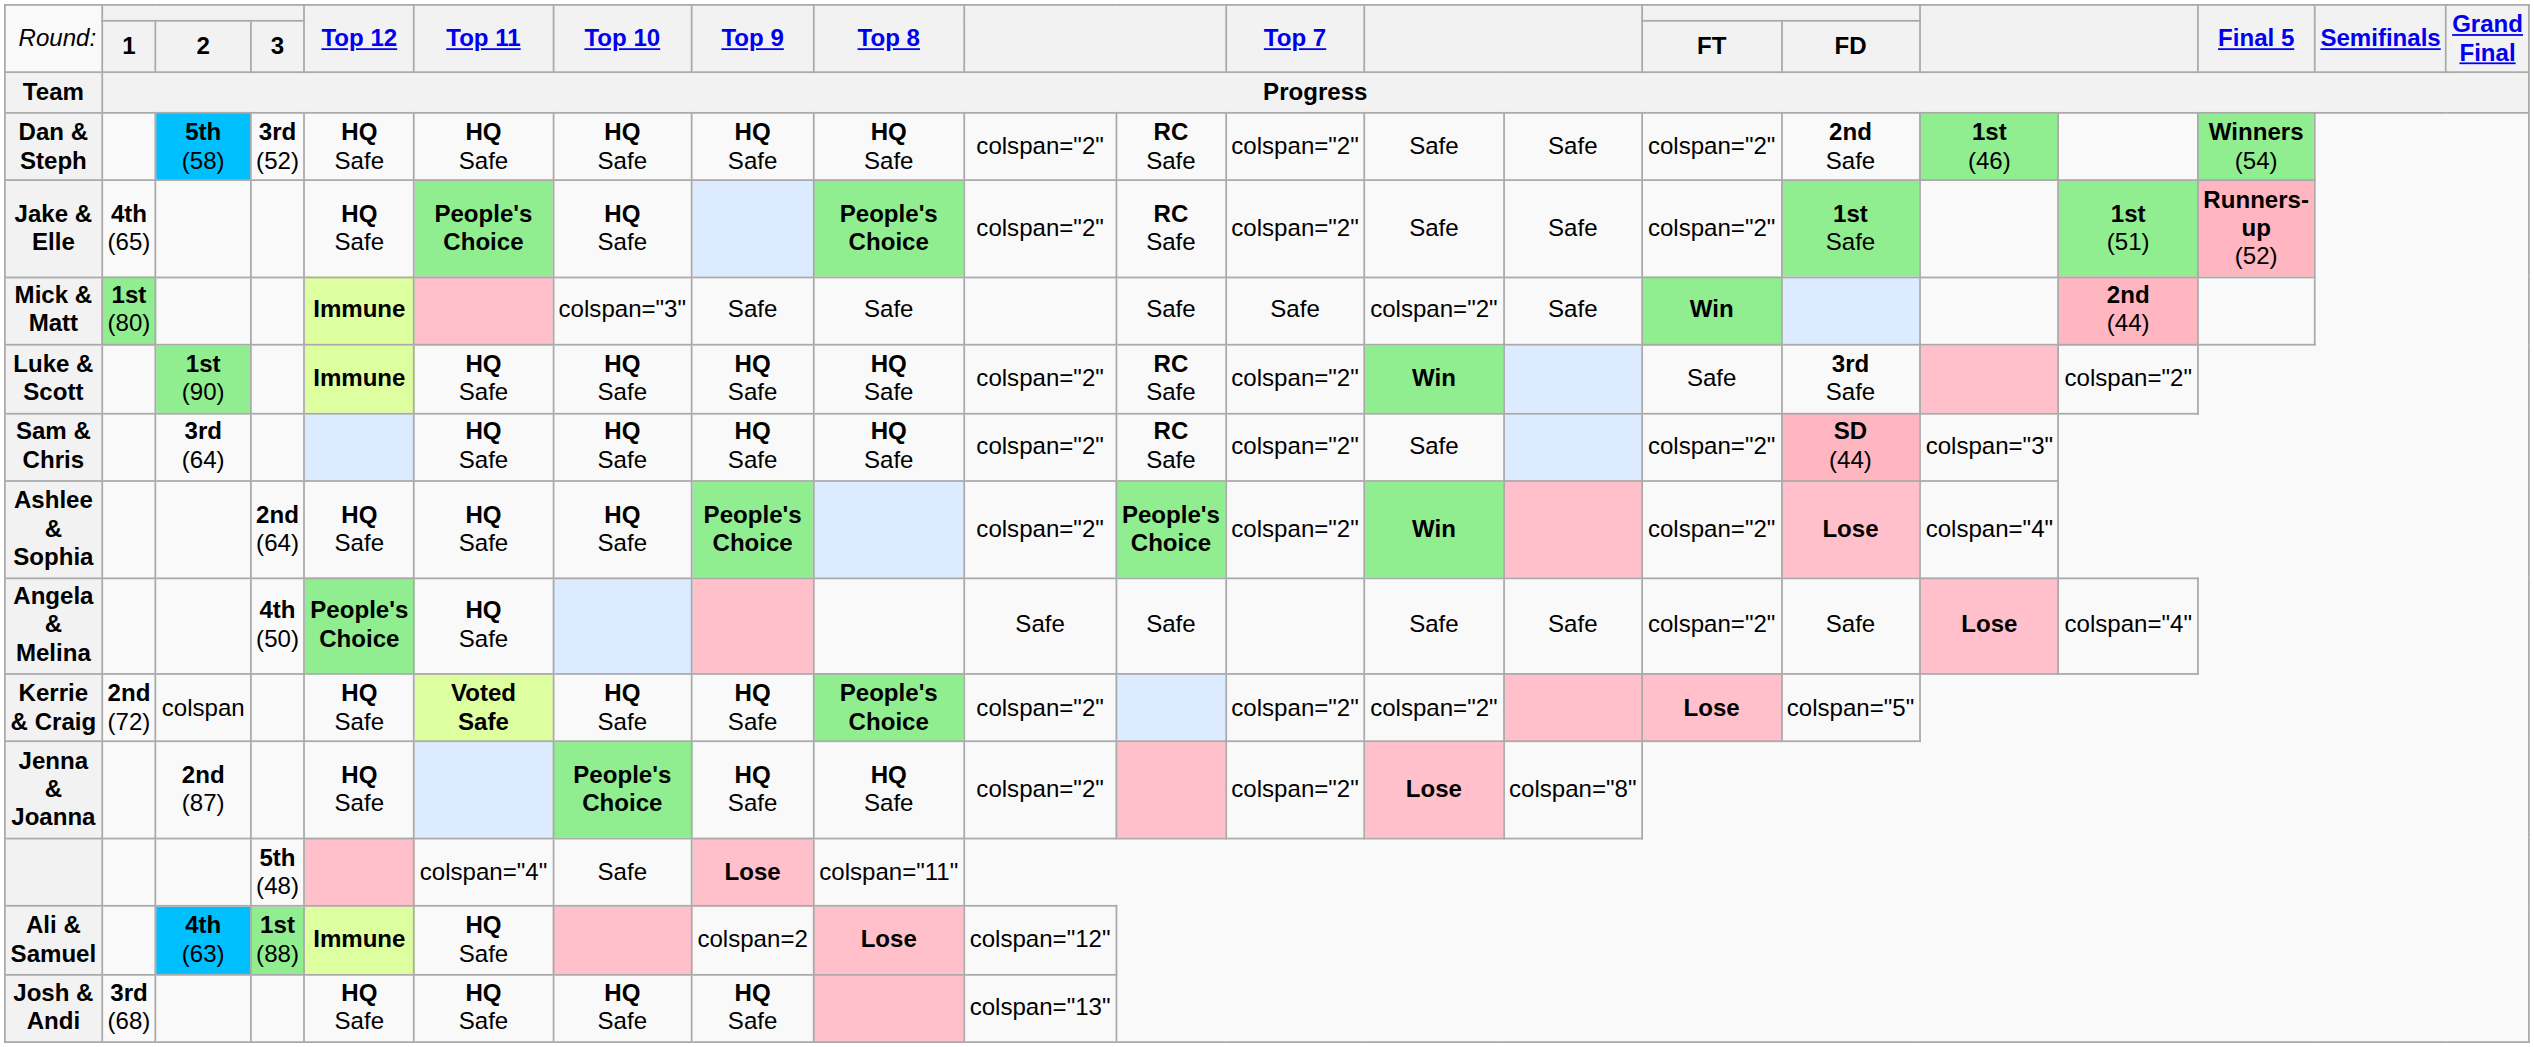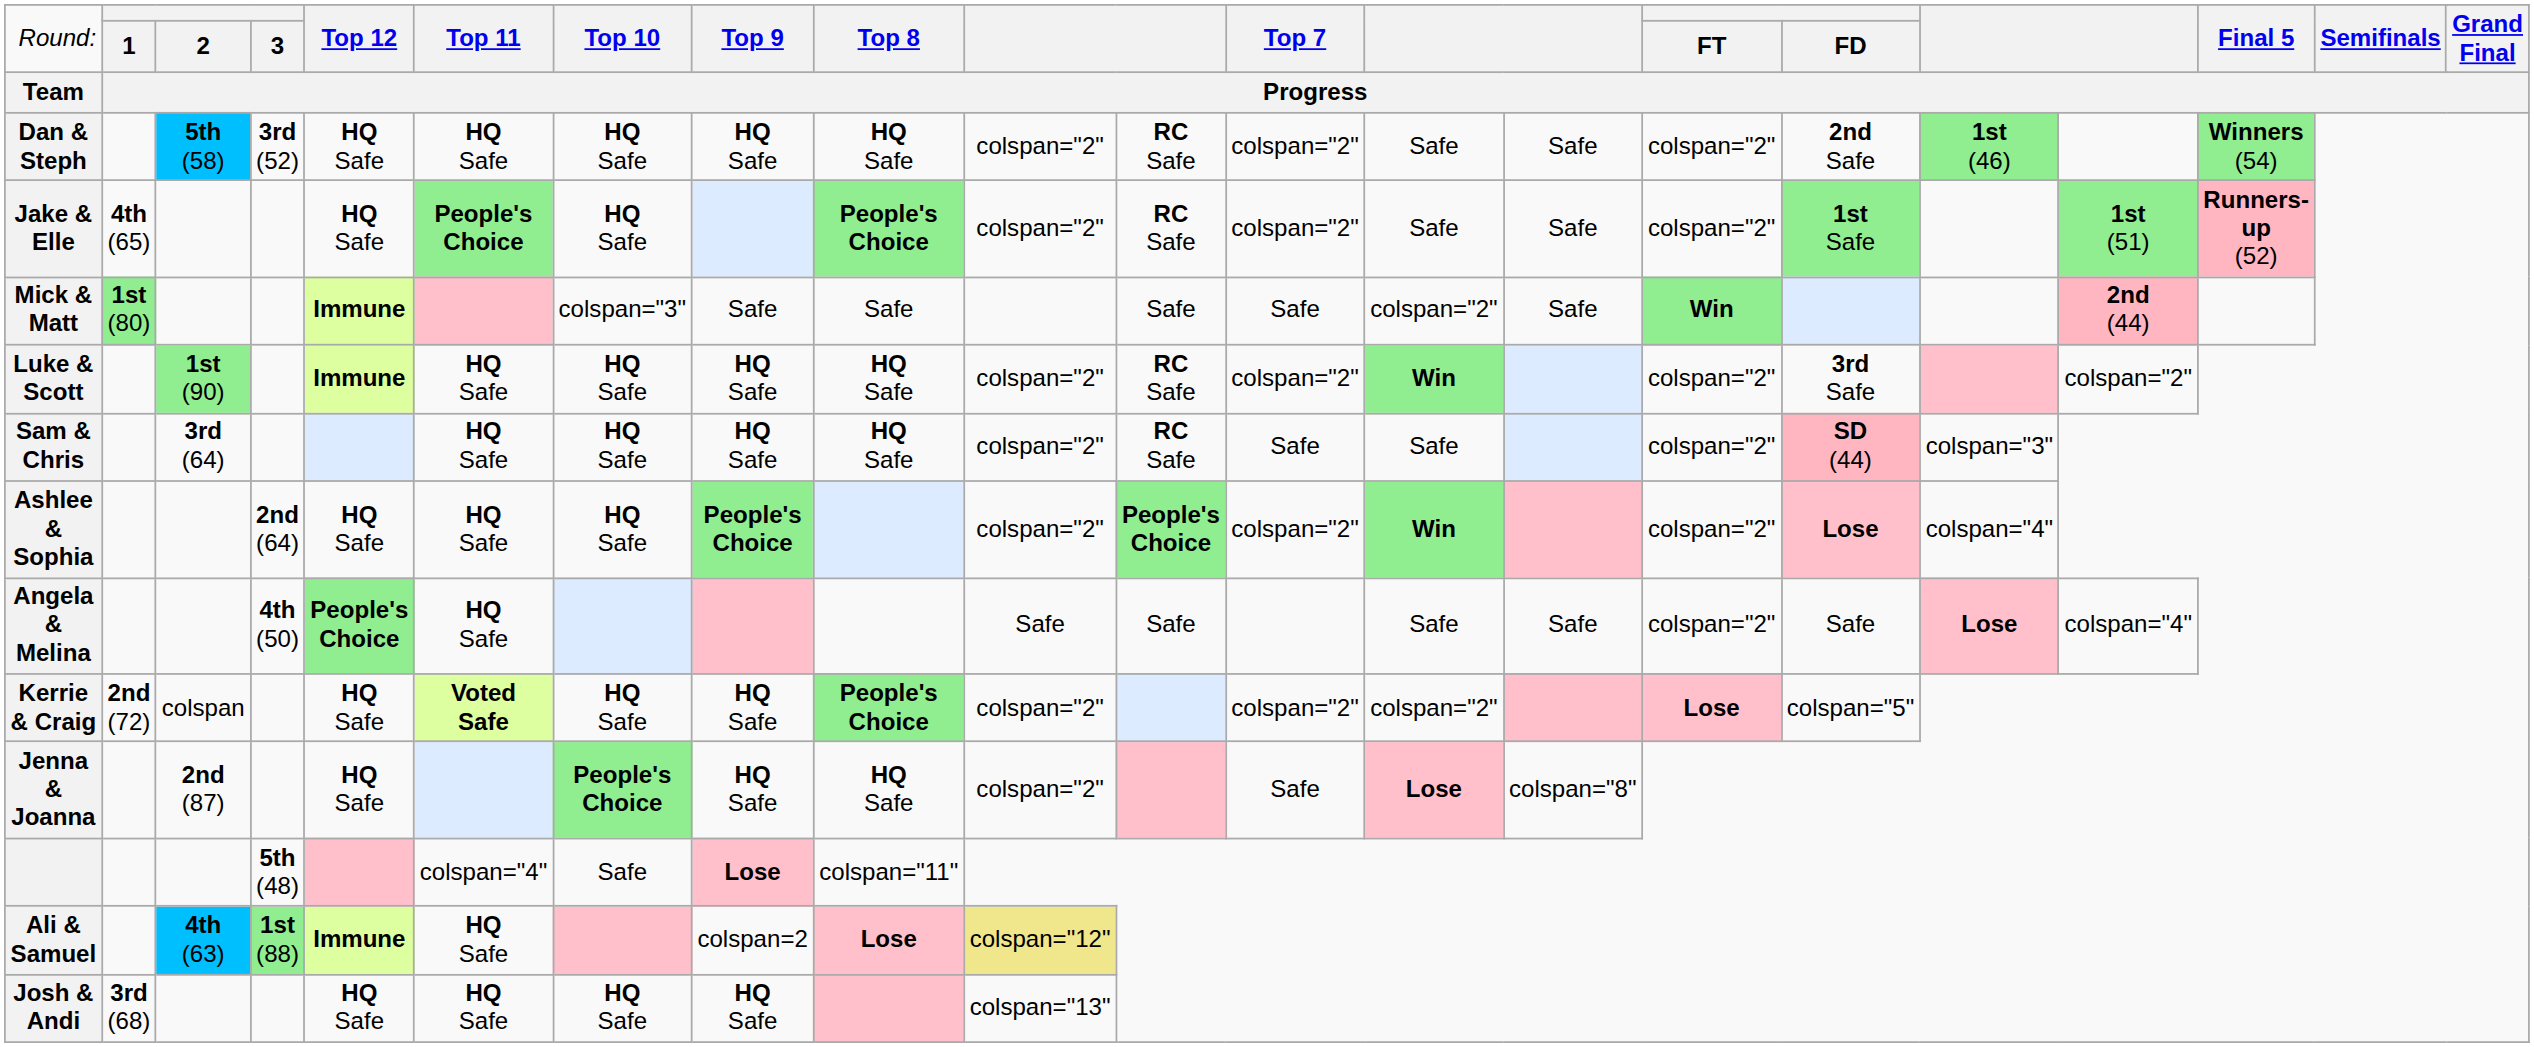 <table class="wikitable" style="width:100%; text-align:center; font-size:85%; line-height:16px;">
 <tr>
 <td style="text-align:right;" rowspan="2"><em>Round:</em></td>
 <th colspan="3"></th>
 <th rowspan="2"><a href='#'>Top 12</a></th>
 <th rowspan="2"><a href='#'>Top 11</a></th>
 <th rowspan="2"><a href='#'>Top 10</a></th>
 <th rowspan="2"><a href='#'>Top 9</a></th>
 <th rowspan="2"><a href='#'>Top 8</a></th>
 <th rowspan="2" colspan="2"><a href='#'></a></th>
 <th rowspan="2"><a href='#'>Top 7</a></th>
 <th rowspan="2" colspan="2"><a href='#'></a></th>
 <th colspan="2"><a href='#'></a></th>
 <th rowspan="2" colspan="2"><a href='#'></a></th>
 <th rowspan="2"><a href='#'>Final 5</a></th>
 <th rowspan="2" colspan="2"><a href='#'>Semifinals</a></th>
 <th rowspan="2"><a href='#'>Grand Final</a></th>
 </tr>
 <tr>
 <th>1</th>
 <th>2</th>
 <th>3</th>
 <th>FT</th>
 <th>FD</th>
 </tr>
 <tr>
 <th>Team</th>
 <th colspan="22">Progress</th>
 </tr>
 <tr>
 <th>Dan & Steph</th>
 <td></td>
 <td style="background:deepskyblue;"><strong>5th</strong><br>(58)</td>
 <td><strong>3rd</strong><br>(52)</td>
 <td><strong>HQ</strong><br>Safe</td>
 <td><strong>HQ</strong><br>Safe</td>
 <td><strong>HQ</strong><br>Safe</td>
 <td><strong>HQ</strong><br>Safe</td>
 <td><strong>HQ</strong><br>Safe</td>
 <td>colspan="2" </td>
 <td><strong>RC</strong><br>Safe</td>
 <td>colspan="2" </td>
 <td>Safe</td>
 <td>Safe</td>
 <td>colspan="2" </td>
 <td><strong>2nd</strong><br>Safe</td>
 <td style="background:lightgreen;"><strong>1st</strong><br>(46)</td>
 <td></td>
 <td style="background:lightgreen;"><strong>Winners</strong><br>(54)</td>
 </tr>
 <tr>
 <th>Jake & Elle</th>
 <td><strong>4th</strong><br>(65)</td>
 <td></td>
 <td></td>
 <td><strong>HQ</strong><br>Safe</td>
 <td style="background:lightgreen;"><strong>People's<br>Choice</strong></td>
 <td><strong>HQ</strong><br>Safe</td>
 <td style="background:#DCEBFF"></td>
 <td style="background:lightgreen;"><strong>People's<br>Choice</strong></td>
 <td>colspan="2" </td>
 <td><strong>RC</strong><br>Safe</td>
 <td>colspan="2" </td>
 <td>Safe</td>
 <td>Safe</td>
 <td>colspan="2" </td>
 <td bgcolor=lightgreen><strong>1st</strong><br> Safe</td>
 <td></td>
 <td style="background:lightgreen;"><strong>1st</strong><br>(51)</td>
 <td style="background:lightpink;"><strong>Runners-up</strong><br>(52)</td>
 </tr>
 <tr>
 <th>Mick & Matt</th>
 <td style="background:lightgreen;"><strong>1st</strong><br>(80)</td>
 <td></td>
 <td></td>
 <td bgcolor="DDFF9F"><strong>Immune</strong></td>
 <td style="background:pink;"></td>
 <td>colspan="3" </td>
 <td>Safe</td>
 <td>Safe</td>
 <td></td>
 <td>Safe</td>
 <td>Safe</td>
 <td>colspan="2" </td>
 <td>Safe</td>
 <td style="background:lightgreen;"><strong>Win</strong></td>
 <td style="background:#DCEBFF"></td>
 <td></td>
 <td style="background:lightpink;"><strong>2nd</strong><br>(44)</td>
 <td></td>
 </tr>
 <tr>
 <th>Luke & Scott</th>
 <td></td>
 <td style="background:lightgreen;"><strong>1st</strong><br>(90)</td>
 <td></td>
 <td bgcolor="DDFF9F"><strong>Immune</strong></td>
 <td><strong>HQ</strong><br>Safe</td>
 <td><strong>HQ</strong><br>Safe</td>
 <td><strong>HQ</strong><br>Safe</td>
 <td><strong>HQ</strong><br>Safe</td>
 <td>colspan="2" </td>
 <td><strong>RC</strong><br>Safe</td>
 <td>colspan="2" </td>
 <td style="background:lightgreen;"><strong>Win</strong></td>
 <td style="background:#DCEBFF"></td>
-<td>Safe</td>
+<td>colspan="2" </td>
 <td><strong>3rd</strong><br>Safe</td>
 <td style="background:pink;"></td>
 <td>colspan="2" </td>
 </tr>
 <tr>
 <th>Sam & Chris</th>
 <td></td>
 <td><strong>3rd</strong><br>(64)</td>
 <td></td>
 <td style="background:#DCEBFF"></td>
 <td><strong>HQ</strong><br>Safe</td>
 <td><strong>HQ</strong><br>Safe</td>
 <td><strong>HQ</strong><br>Safe</td>
 <td><strong>HQ</strong><br>Safe</td>
 <td>colspan="2" </td>
 <td><strong>RC</strong><br>Safe</td>
-<td>colspan="2" </td>
+<td>Safe</td>
 <td>Safe</td>
 <td style="background:#DCEBFF"></td>
 <td>colspan="2" </td>
 <td style="background:lightpink;"><strong>SD</strong><br>(44)</td>
 <td>colspan="3" </td>
 </tr>
 <tr>
 <th>Ashlee & Sophia</th>
 <td></td>
 <td></td>
 <td><strong>2nd</strong><br>(64)</td>
 <td><strong>HQ</strong><br>Safe</td>
 <td><strong>HQ</strong><br>Safe</td>
 <td><strong>HQ</strong><br>Safe</td>
 <td style="background:lightgreen;"><strong>People's<br>Choice</strong></td>
 <td style="background:#DCEBFF"></td>
 <td>colspan="2" </td>
 <td style="background:lightgreen;"><strong>People's<br>Choice</strong></td>
 <td>colspan="2" </td>
 <td style="background:lightgreen;"><strong>Win</strong></td>
 <td style="background:pink;"></td>
 <td>colspan="2" </td>
 <td style="background:pink;"><strong>Lose</strong></td>
 <td>colspan="4" </td>
 </tr>
 <tr>
 <th>Angela & Melina</th>
 <td></td>
 <td></td>
 <td><strong>4th</strong><br>(50)</td>
 <td style="background:lightgreen;"><strong>People's<br>Choice</strong></td>
 <td><strong>HQ</strong><br>Safe</td>
 <td style="background:#DCEBFF"></td>
 <td style="background:pink;"></td>
 <td></td>
 <td>Safe</td>
 <td>Safe</td>
 <td></td>
 <td>Safe</td>
 <td>Safe</td>
 <td>colspan="2" </td>
 <td>Safe</td>
 <td style="background:pink;"><strong>Lose</strong></td>
 <td>colspan="4" </td>
 </tr>
 <tr>
 <th>Kerrie & Craig</th>
 <td><strong>2nd</strong><br>(72)</td>
 <td>colspan </td>
 <td></td>
 <td><strong>HQ</strong><br>Safe</td>
 <td style="background:#DDFF9F;"><strong>Voted<br>Safe</strong></td>
 <td><strong>HQ</strong><br>Safe</td>
 <td><strong>HQ</strong><br>Safe</td>
 <td style="background:lightgreen;"><strong>People's<br>Choice</strong></td>
 <td>colspan="2" </td>
 <td style="background:#DCEBFF"></td>
 <td>colspan="2" </td>
 <td>colspan="2" </td>
 <td style="background:pink;"></td>
 <td style="background:pink;"><strong>Lose</strong></td>
 <td>colspan="5" </td>
 </tr>
 <tr>
 <th>Jenna & Joanna</th>
 <td></td>
 <td><strong>2nd</strong><br>(87)</td>
 <td></td>
 <td><strong>HQ</strong><br>Safe</td>
 <td style="background:#DCEBFF"></td>
 <td style="background:lightgreen;"><strong>People's<br>Choice</strong></td>
 <td><strong>HQ</strong><br>Safe</td>
 <td><strong>HQ</strong><br>Safe</td>
 <td>colspan="2" </td>
 <td style="background:pink;"></td>
-<td>colspan="2" </td>
+<td>Safe</td>
 <td style="background:pink;"><strong>Lose</strong></td>
 <td>colspan="8" </td>
 </tr>
 <tr>
 <th></th>
 <td></td>
 <td></td>
 <td><strong>5th</strong><br>(48)</td>
 <td style="background:pink;"></td>
 <td>colspan="4" </td>
 <td>Safe</td>
 <td style="background:pink;"><strong>Lose</strong></td>
 <td>colspan="11" </td>
 </tr>
 <tr>
 <th>Ali & Samuel</th>
 <td></td>
 <td style="background:deepskyblue;"><strong>4th</strong><br>(63)</td>
 <td style="background:lightgreen;"><strong>1st</strong><br>(88)</td>
 <td bgcolor="DDFF9F"><strong>Immune</strong></td>
 <td><strong>HQ</strong><br>Safe</td>
 <td style="background:pink;"></td>
 <td>colspan=2 </td>
 <td style="background:pink;"><strong>Lose</strong></td>
-<td>colspan="12" </td>
+<td style="background: khaki;">colspan="12" </td>
 </tr>
 <tr>
 <th>Josh & Andi</th>
 <td><strong>3rd</strong><br>(68)</td>
 <td></td>
 <td></td>
 <td><strong>HQ</strong><br>Safe</td>
 <td><strong>HQ</strong><br>Safe</td>
 <td><strong>HQ</strong><br>Safe</td>
 <td><strong>HQ</strong><br>Safe</td>
 <td style="background:pink;"></td>
 <td>colspan="13" </td>
 </tr>
 </table>
